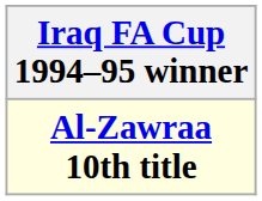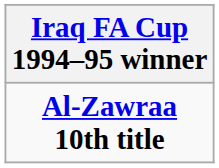 <table class="wikitable" style="text-align: center; margin: 0 auto;">
 <tr>
 <th><a href='#'>Iraq FA Cup</a><br>1994–95 winner</th>
 </tr>
 <tr>
-<td style="background: lightyellow;"><strong><a href='#'>Al-Zawraa</a></strong><br><strong>10th title</strong></td>
+<td><strong><a href='#'>Al-Zawraa</a></strong><br><strong>10th title</strong></td>
 </tr>
 </table>
